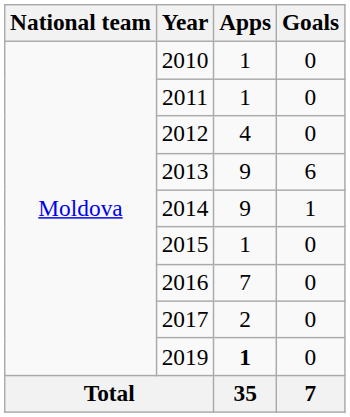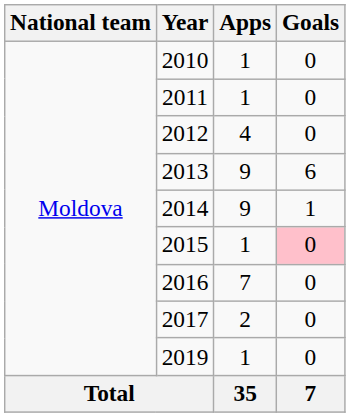 <table class="wikitable" style="text-align:center">
 <tr>
 <th>National team</th>
 <th>Year</th>
 <th>Apps</th>
 <th>Goals</th>
 </tr>
 <tr>
 <td rowspan="9"><a href='#'>Moldova</a></td>
 <td>2010</td>
 <td>1</td>
 <td>0</td>
 </tr>
 <tr>
 <td>2011</td>
 <td>1</td>
 <td>0</td>
 </tr>
 <tr>
 <td>2012</td>
 <td>4</td>
 <td>0</td>
 </tr>
 <tr>
 <td>2013</td>
 <td>9</td>
 <td>6</td>
 </tr>
 <tr>
 <td>2014</td>
 <td>9</td>
 <td>1</td>
 </tr>
 <tr>
 <td>2015</td>
 <td>1</td>
-<td>0</td>
+<td style="background: pink;">0</td>
 </tr>
 <tr>
 <td>2016</td>
 <td>7</td>
 <td>0</td>
 </tr>
 <tr>
 <td>2017</td>
 <td>2</td>
 <td>0</td>
 </tr>
 <tr>
 <td>2019</td>
-<td><strong>1</strong></td>
+<td>1</td>
 <td>0</td>
 </tr>
 <tr>
 <th colspan="2">Total</th>
 <th>35</th>
 <th>7</th>
 </tr>
 </table>
